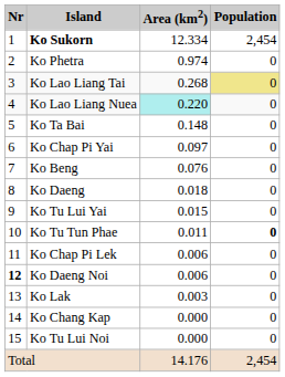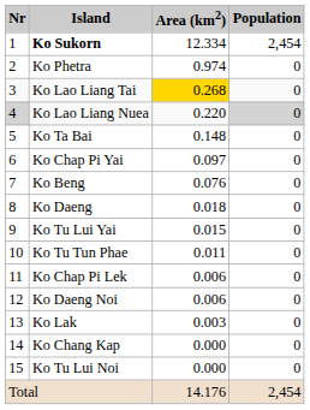 <table class="wikitable sortable">
 <tr>
 <th style="background: #CCC;">Nr</th>
 <th style="background: #CCC;" class="unsortable">Island</th>
 <th style="background: #CCC;">Area (km<sup>2</sup>)</th>
 <th style="background: #CCC;">Population</th>
 </tr>
 <tr style="background:#FFFFFF;">
 <td>1</td>
 <td><strong>Ko Sukorn</strong></td>
 <td align="right">12.334</td>
 <td align="right">2,454</td>
 </tr>
 <tr style="background:#FFFFFF;">
 <td>2</td>
 <td>Ko Phetra</td>
 <td align="right">0.974</td>
 <td align="right">0</td>
 </tr>
 <tr>
 <td>3</td>
 <td>Ko Lao Liang Tai</td>
-<td align="right">0.268</td>
-<td align="right" style="background: khaki;">0</td>
+<td align="right" style="background: gold;">0.268</td>
+<td align="right">0</td>
 </tr>
 <tr>
-<td>4</td>
+<td style="background: lightgrey;">4</td>
 <td>Ko Lao Liang Nuea</td>
-<td align="right" style="background: paleturquoise;">0.220</td>
-<td align="right">0</td>
+<td align="right">0.220</td>
+<td align="right" style="background: lightgrey;">0</td>
 </tr>
 <tr style="background:#FFFFFF;">
 <td>5</td>
 <td>Ko Ta Bai</td>
 <td align="right">0.148</td>
 <td align="right">0</td>
 </tr>
 <tr style="background:#FFFFFF;">
 <td>6</td>
 <td>Ko Chap Pi Yai</td>
 <td align="right">0.097</td>
 <td align="right">0</td>
 </tr>
 <tr style="background:#FFFFFF;">
 <td>7</td>
 <td>Ko Beng</td>
 <td align="right">0.076</td>
 <td align="right">0</td>
 </tr>
 <tr style="background:#FFFFFF;">
 <td>8</td>
 <td>Ko Daeng</td>
 <td align="right">0.018</td>
 <td align="right">0</td>
 </tr>
 <tr style="background:#FFFFFF;">
 <td>9</td>
 <td>Ko Tu Lui Yai</td>
 <td align="right">0.015</td>
 <td align="right">0</td>
 </tr>
 <tr style="background:#FFFFFF;">
 <td>10</td>
 <td>Ko Tu Tun Phae</td>
 <td align="right">0.011</td>
-<td align="right"><strong>0</strong></td>
+<td align="right">0</td>
 </tr>
 <tr style="background:#FFFFFF;">
 <td>11</td>
 <td>Ko Chap Pi Lek</td>
 <td align="right">0.006</td>
 <td align="right">0</td>
 </tr>
 <tr style="background:#FFFFFF;">
-<td><strong>12</strong></td>
+<td>12</td>
 <td>Ko Daeng Noi</td>
 <td align="right">0.006</td>
 <td align="right">0</td>
 </tr>
 <tr style="background:#FFFFFF;">
 <td>13</td>
 <td>Ko Lak</td>
 <td align="right">0.003</td>
 <td align="right">0</td>
 </tr>
 <tr style="background:#FFFFFF;">
 <td>14</td>
 <td>Ko Chang Kap</td>
 <td align="right">0.000</td>
 <td align="right">0</td>
 </tr>
 <tr style="background:#FFFFFF;">
 <td>15</td>
 <td>Ko Tu Lui Noi</td>
 <td align="right">0.000</td>
 <td align="right">0</td>
 </tr>
 <tr style="background:#F2E0CE;" | class="sortbottom">
 <td colspan=2>Total</td>
 <td align="right">14.176</td>
 <td align="right">2,454</td>
 </tr>
 </table>
